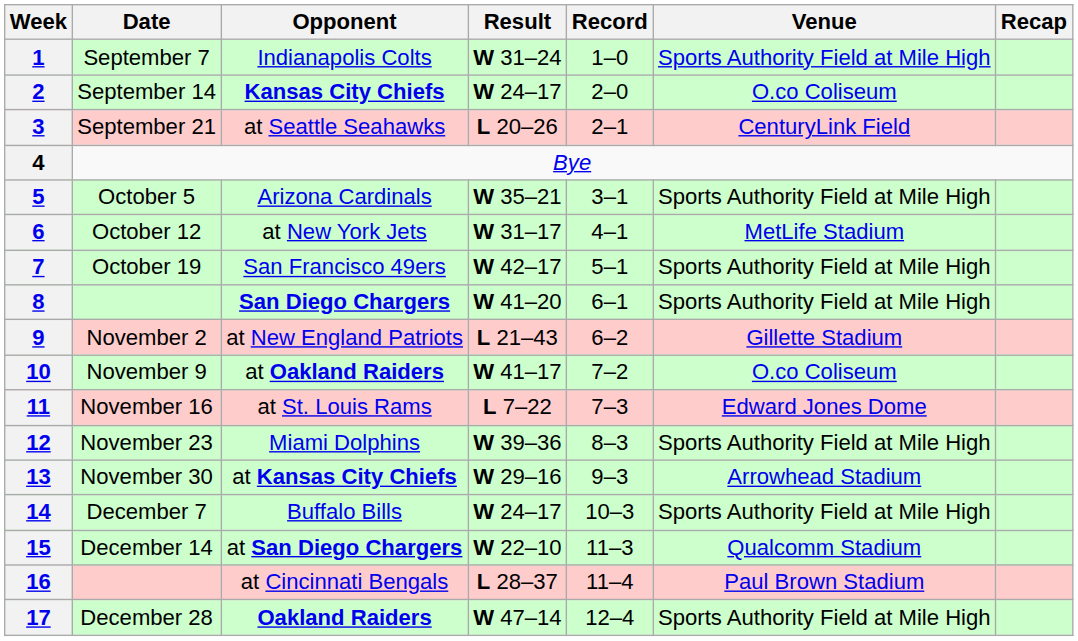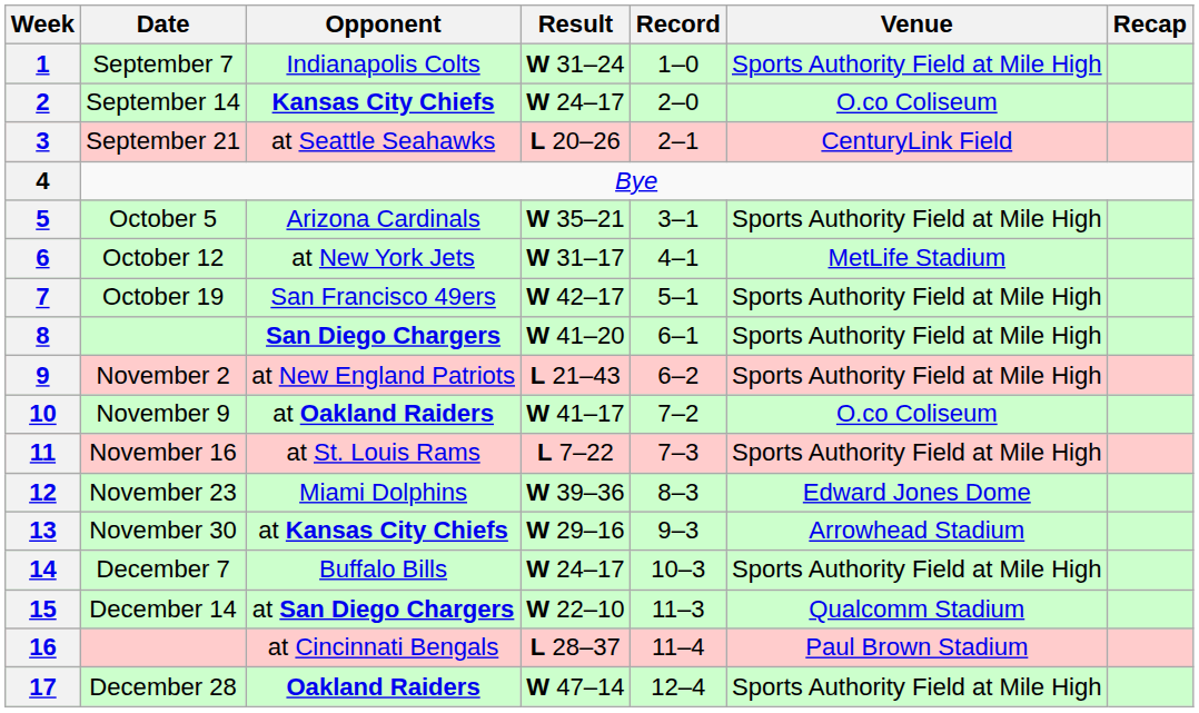 <table class="wikitable" style="text-align:center">
 <tr>
 <th>Week</th>
 <th>Date</th>
 <th>Opponent</th>
 <th>Result</th>
 <th>Record</th>
 <th>Venue</th>
 <th>Recap</th>
 </tr>
 <tr style="background:#cfc">
 <th><a href='#'>1</a></th>
 <td>September 7</td>
 <td><a href='#'>Indianapolis Colts</a></td>
 <td><strong>W</strong> 31–24</td>
 <td>1–0</td>
 <td><a href='#'>Sports Authority Field at Mile High</a></td>
 <td></td>
 </tr>
 <tr style="background:#cfc">
 <th><a href='#'>2</a></th>
 <td>September 14</td>
 <td><strong><a href='#'>Kansas City Chiefs</a></strong></td>
 <td><strong>W</strong> 24–17</td>
 <td>2–0</td>
 <td><a href='#'>O.co Coliseum</a></td>
 <td></td>
 </tr>
 <tr style="background:#fcc">
 <th><a href='#'>3</a></th>
 <td>September 21</td>
 <td>at <a href='#'>Seattle Seahawks</a></td>
 <td><strong>L</strong> 20–26 </td>
 <td>2–1</td>
 <td><a href='#'>CenturyLink Field</a></td>
 <td></td>
 </tr>
 <tr>
 <th>4</th>
 <td colspan="6"><em><a href='#'>Bye</a></em></td>
 </tr>
 <tr style="background:#cfc">
 <th><a href='#'>5</a></th>
 <td>October 5</td>
 <td><a href='#'>Arizona Cardinals</a></td>
 <td><strong>W</strong> 35–21</td>
 <td>3–1</td>
 <td>Sports Authority Field at Mile High</td>
 <td></td>
 </tr>
 <tr style="background:#cfc">
 <th><a href='#'>6</a></th>
 <td>October 12</td>
 <td>at <a href='#'>New York Jets</a></td>
 <td><strong>W</strong> 31–17</td>
 <td>4–1</td>
 <td><a href='#'>MetLife Stadium</a></td>
 <td></td>
 </tr>
 <tr style="background:#cfc">
 <th><a href='#'>7</a></th>
 <td>October 19</td>
 <td><a href='#'>San Francisco 49ers</a></td>
 <td><strong>W</strong> 42–17</td>
 <td>5–1</td>
 <td>Sports Authority Field at Mile High</td>
 <td></td>
 </tr>
 <tr style="background:#cfc">
 <th><a href='#'>8</a></th>
 <td></td>
 <td><strong><a href='#'>San Diego Chargers</a></strong></td>
 <td><strong>W</strong> 41–20</td>
 <td>6–1</td>
 <td>Sports Authority Field at Mile High</td>
 <td></td>
 </tr>
 <tr style="background:#fcc">
 <th><a href='#'>9</a></th>
 <td>November 2</td>
 <td>at <a href='#'>New England Patriots</a></td>
 <td><strong>L</strong> 21–43</td>
 <td>6–2</td>
-<td><a href='#'>Gillette Stadium</a></td>
+<td>Sports Authority Field at Mile High</td>
 <td></td>
 </tr>
 <tr style="background:#cfc">
 <th><a href='#'>10</a></th>
 <td>November 9</td>
 <td>at <strong><a href='#'>Oakland Raiders</a></strong></td>
 <td><strong>W</strong> 41–17</td>
 <td>7–2</td>
 <td><a href='#'>O.co Coliseum</a></td>
 <td></td>
 </tr>
 <tr style="background:#fcc">
 <th><a href='#'>11</a></th>
 <td>November 16</td>
 <td>at <a href='#'>St. Louis Rams</a></td>
 <td><strong>L</strong> 7–22</td>
 <td>7–3</td>
-<td><a href='#'>Edward Jones Dome</a></td>
+<td>Sports Authority Field at Mile High</td>
 <td></td>
 </tr>
 <tr style="background:#cfc">
 <th><a href='#'>12</a></th>
 <td>November 23</td>
 <td><a href='#'>Miami Dolphins</a></td>
 <td><strong>W</strong> 39–36</td>
 <td>8–3</td>
-<td>Sports Authority Field at Mile High</td>
+<td><a href='#'>Edward Jones Dome</a></td>
 <td></td>
 </tr>
 <tr style="background:#cfc">
 <th><a href='#'>13</a></th>
 <td>November 30</td>
 <td>at <strong><a href='#'>Kansas City Chiefs</a></strong></td>
 <td><strong>W</strong> 29–16</td>
 <td>9–3</td>
 <td><a href='#'>Arrowhead Stadium</a></td>
 <td></td>
 </tr>
 <tr style="background:#cfc">
 <th><a href='#'>14</a></th>
 <td>December 7</td>
 <td><a href='#'>Buffalo Bills</a></td>
 <td><strong>W</strong> 24–17</td>
 <td>10–3</td>
 <td>Sports Authority Field at Mile High</td>
 <td></td>
 </tr>
 <tr style="background:#cfc">
 <th><a href='#'>15</a></th>
 <td>December 14</td>
 <td>at <strong><a href='#'>San Diego Chargers</a></strong></td>
 <td><strong>W</strong> 22–10</td>
 <td>11–3</td>
 <td><a href='#'>Qualcomm Stadium</a></td>
 <td></td>
 </tr>
 <tr style="background:#fcc">
 <th><a href='#'>16</a></th>
 <td></td>
 <td>at <a href='#'>Cincinnati Bengals</a></td>
 <td><strong>L</strong> 28–37</td>
 <td>11–4</td>
 <td><a href='#'>Paul Brown Stadium</a></td>
 <td></td>
 </tr>
 <tr style="background:#cfc">
 <th><a href='#'>17</a></th>
 <td>December 28</td>
 <td><strong><a href='#'>Oakland Raiders</a></strong></td>
 <td><strong>W</strong> 47–14</td>
 <td>12–4</td>
 <td>Sports Authority Field at Mile High</td>
 <td></td>
 </tr>
 </table>
